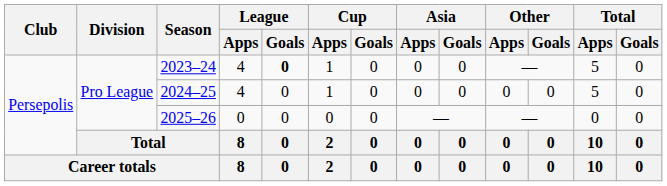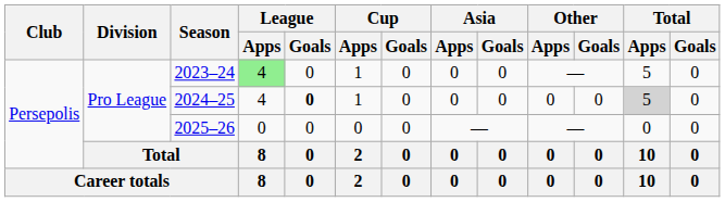 <table class="wikitable" style="text-align: center;">
 <tr>
 <th rowspan="2">Club</th>
 <th rowspan="2">Division</th>
 <th rowspan="2">Season</th>
 <th colspan="2">League</th>
 <th colspan="2">Cup</th>
 <th colspan="2">Asia</th>
 <th colspan="2">Other</th>
 <th colspan="2">Total</th>
 </tr>
 <tr>
 <th>Apps</th>
 <th>Goals</th>
 <th>Apps</th>
 <th>Goals</th>
 <th>Apps</th>
 <th>Goals</th>
 <th>Apps</th>
 <th>Goals</th>
 <th>Apps</th>
 <th>Goals</th>
 </tr>
 <tr>
 <td rowspan="4"><a href='#'>Persepolis</a></td>
 <td rowspan="3"><a href='#'>Pro League</a></td>
 <td><a href='#'>2023–24</a></td>
-<td>4</td>
-<td><strong>0</strong></td>
+<td style="background: lightgreen;">4</td>
+<td>0</td>
 <td>1</td>
 <td>0</td>
 <td>0</td>
 <td>0</td>
 <td colspan="2">—</td>
 <td>5</td>
 <td>0</td>
 </tr>
 <tr>
 <td><a href='#'>2024–25</a></td>
 <td>4</td>
-<td>0</td>
+<td><strong>0</strong></td>
 <td>1</td>
 <td>0</td>
 <td>0</td>
 <td>0</td>
 <td>0</td>
 <td>0</td>
-<td>5</td>
+<td style="background: lightgrey;">5</td>
 <td>0</td>
 </tr>
 <tr>
 <td><a href='#'>2025–26</a></td>
 <td>0</td>
 <td>0</td>
 <td>0</td>
 <td>0</td>
 <td colspan="2">—</td>
 <td colspan="2">—</td>
 <td>0</td>
 <td>0</td>
 </tr>
 <tr>
 <th colspan="2">Total</th>
 <th>8</th>
 <th>0</th>
 <th>2</th>
 <th>0</th>
 <th>0</th>
 <th>0</th>
 <th>0</th>
 <th>0</th>
 <th>10</th>
 <th>0</th>
 </tr>
 <tr>
 <th colspan="3">Career totals</th>
 <th>8</th>
 <th>0</th>
 <th>2</th>
 <th>0</th>
 <th>0</th>
 <th>0</th>
 <th>0</th>
 <th>0</th>
 <th>10</th>
 <th>0</th>
 </tr>
 </table>
